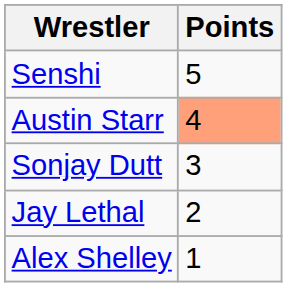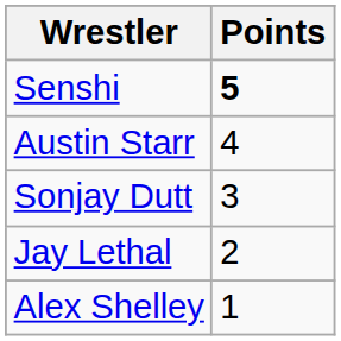 <table class="wikitable sortable">
 <tr>
 <th>Wrestler</th>
 <th>Points</th>
 </tr>
 <tr>
 <td><a href='#'>Senshi</a></td>
-<td>5</td>
+<td><strong>5</strong></td>
 </tr>
 <tr>
 <td><a href='#'>Austin Starr</a></td>
-<td style="background: lightsalmon;">4</td>
+<td>4</td>
 </tr>
 <tr>
 <td><a href='#'>Sonjay Dutt</a></td>
 <td>3</td>
 </tr>
 <tr>
 <td><a href='#'>Jay Lethal</a></td>
 <td>2</td>
 </tr>
 <tr>
 <td><a href='#'>Alex Shelley</a></td>
 <td>1</td>
 </tr>
 </table>
